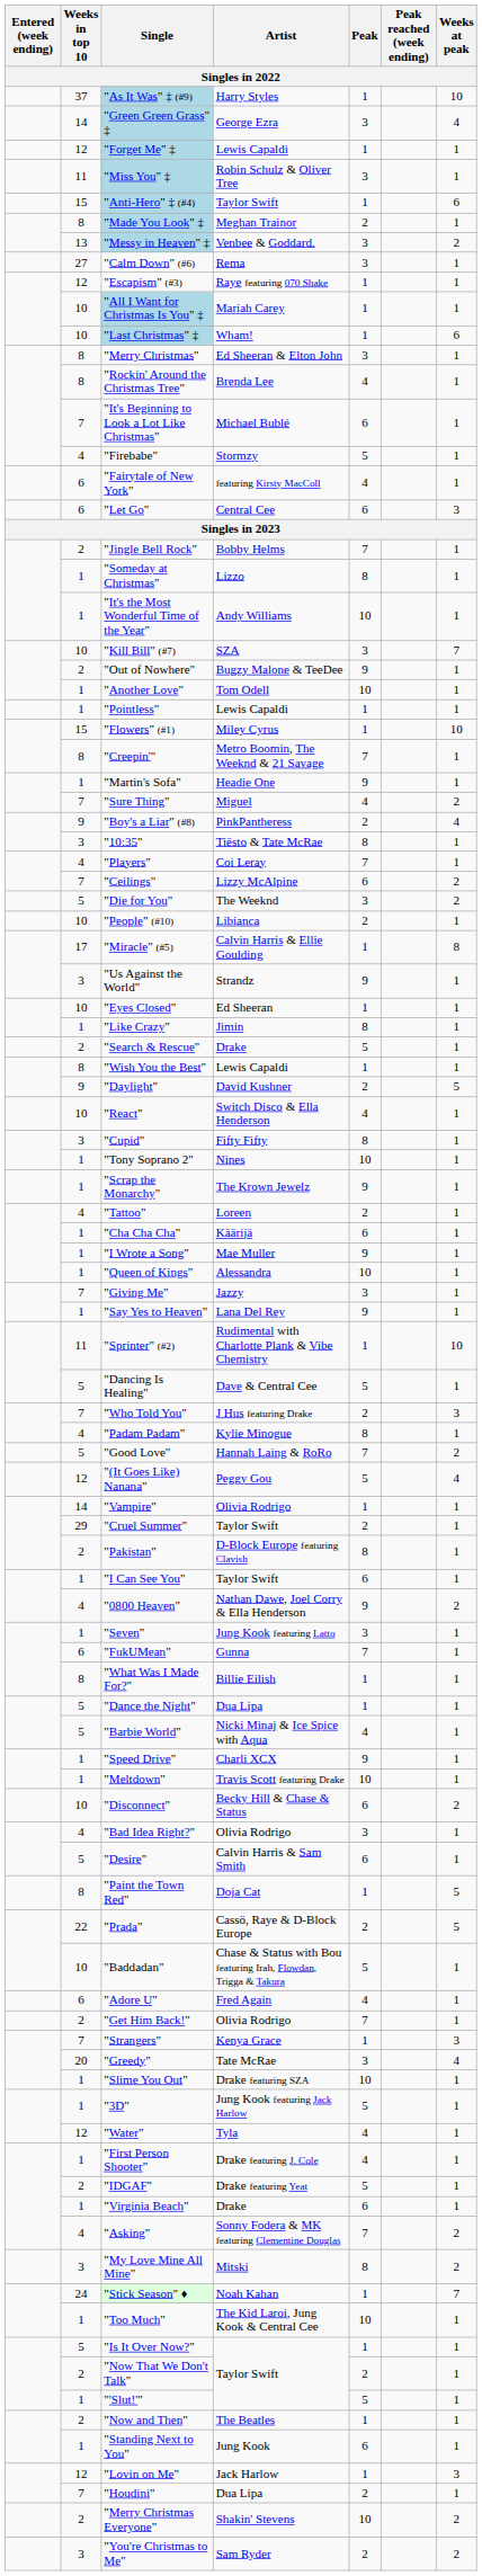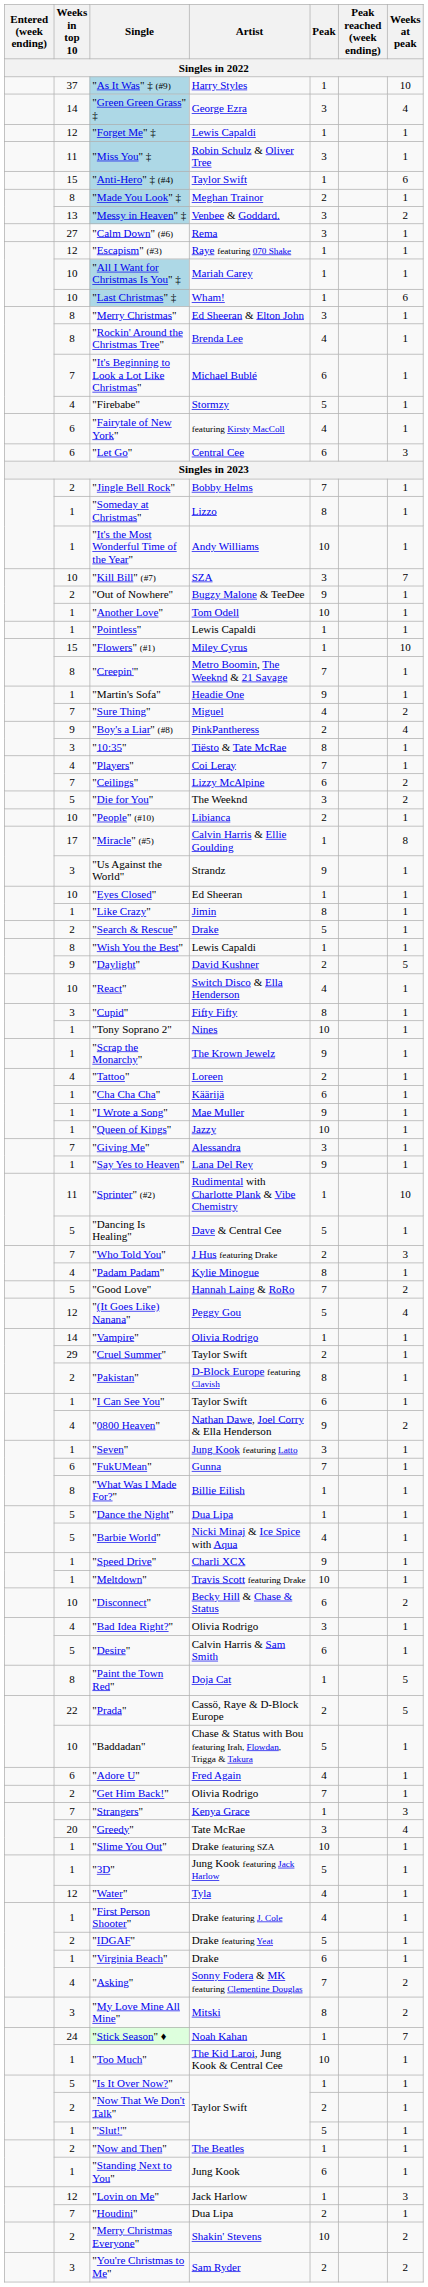 <table class="wikitable sortable" style="text-align:center;">
 <tr>
 <th>Entered <br>(week ending)</th>
 <th data-sort-type="number">Weeks<br>in<br>top<br>10</th>
 <th>Single</th>
 <th>Artist</th>
 <th data-sort-type="number">Peak</th>
 <th>Peak<br>reached <br>(week ending)</th>
 <th data-sort-type="number">Weeks<br>at<br>peak</th>
 </tr>
 <tr>
 <th colspan="9">Singles in 2022</th>
 </tr>
 <tr>
 <td></td>
 <td>37</td>
 <td align="left" bgcolor="lightblue">"<a href='#'>As It Was</a>" ‡ <small>(#9)</small> </td>
 <td align="left"><a href='#'>Harry Styles</a></td>
 <td>1</td>
 <td></td>
 <td>10</td>
 </tr>
 <tr>
 <td></td>
 <td>14</td>
 <td align="left" bgcolor="lightblue">"<a href='#'>Green Green Grass</a>" ‡ </td>
 <td align="left"><a href='#'>George Ezra</a></td>
 <td>3</td>
 <td></td>
 <td>4</td>
 </tr>
 <tr>
 <td></td>
 <td>12</td>
 <td align="left" bgcolor="lightblue">"<a href='#'>Forget Me</a>" ‡ </td>
 <td align="left"><a href='#'>Lewis Capaldi</a></td>
 <td>1</td>
 <td></td>
 <td>1</td>
 </tr>
 <tr>
 <td></td>
 <td>11</td>
 <td align="left" bgcolor="lightblue">"<a href='#'>Miss You</a>" ‡ </td>
 <td align="left"><a href='#'>Robin Schulz</a> & <a href='#'>Oliver Tree</a></td>
 <td>3</td>
 <td></td>
 <td>1</td>
 </tr>
 <tr>
 <td></td>
 <td>15</td>
 <td align="left" bgcolor="lightblue">"<a href='#'>Anti-Hero</a>" ‡ <small>(#4)</small> </td>
 <td align="left"><a href='#'>Taylor Swift</a></td>
 <td>1</td>
 <td></td>
 <td>6</td>
 </tr>
 <tr>
 <td rowspan="2"></td>
 <td>8</td>
 <td align="left" bgcolor="lightblue">"<a href='#'>Made You Look</a>" ‡ </td>
 <td align="left"><a href='#'>Meghan Trainor</a></td>
 <td>2</td>
 <td></td>
 <td>1</td>
 </tr>
 <tr>
 <td>13</td>
 <td align="left" bgcolor="lightblue">"<a href='#'>Messy in Heaven</a>" ‡ </td>
 <td align="left"><a href='#'>Venbee</a> & <a href='#'>Goddard.</a></td>
 <td>3</td>
 <td></td>
 <td>2</td>
 </tr>
 <tr>
 <td></td>
 <td>27</td>
 <td align="left">"<a href='#'>Calm Down</a>" <small>(#6)</small> </td>
 <td align="left"><a href='#'>Rema</a></td>
 <td>3</td>
 <td></td>
 <td>1</td>
 </tr>
 <tr>
 <td rowspan="3"></td>
 <td>12</td>
 <td align="left">"<a href='#'>Escapism</a>" <small>(#3)</small> </td>
 <td align="left"><a href='#'>Raye</a> <small> featuring <a href='#'>070 Shake</a> </small></td>
 <td>1</td>
 <td></td>
 <td>1</td>
 </tr>
 <tr>
 <td>10</td>
 <td align="left" bgcolor="lightblue">"<a href='#'>All I Want for Christmas Is You</a>" ‡ </td>
 <td align="left"><a href='#'>Mariah Carey</a></td>
 <td>1</td>
 <td></td>
 <td>1</td>
 </tr>
 <tr>
 <td>10</td>
 <td align="left" bgcolor="lightblue">"<a href='#'>Last Christmas</a>" ‡ </td>
 <td align="left"><a href='#'>Wham!</a></td>
 <td>1</td>
 <td></td>
 <td>6</td>
 </tr>
 <tr>
 <td rowspan="4"></td>
 <td>8</td>
 <td align="left">"<a href='#'>Merry Christmas</a>" </td>
 <td align="left"><a href='#'>Ed Sheeran</a> & <a href='#'>Elton John</a></td>
 <td>3</td>
 <td></td>
 <td>1</td>
 </tr>
 <tr>
 <td>8</td>
 <td align="left">"<a href='#'>Rockin' Around the Christmas Tree</a>" </td>
 <td align="left"><a href='#'>Brenda Lee</a></td>
 <td>4</td>
 <td></td>
 <td>1</td>
 </tr>
 <tr>
 <td>7</td>
 <td align="left">"<a href='#'>It's Beginning to Look a Lot Like Christmas</a>" </td>
 <td align="left"><a href='#'>Michael Bublé</a></td>
 <td>6</td>
 <td></td>
 <td>1</td>
 </tr>
 <tr>
 <td>4</td>
 <td align="left">"Firebabe"</td>
 <td align="left"><a href='#'>Stormzy</a></td>
 <td>5</td>
 <td></td>
 <td>1</td>
 </tr>
 <tr>
 <td></td>
 <td>6</td>
 <td align="left">"<a href='#'>Fairytale of New York</a>" </td>
 <td align="left"> <small> featuring <a href='#'>Kirsty MacColl</a> </small></td>
 <td>4</td>
 <td></td>
 <td>1</td>
 </tr>
 <tr>
 <td></td>
 <td>6</td>
 <td align="left">"<a href='#'>Let Go</a>" </td>
 <td align="left"><a href='#'>Central Cee</a></td>
 <td>6</td>
 <td></td>
 <td>3</td>
 </tr>
 <tr>
 <th colspan="7">Singles in 2023</th>
 </tr>
 <tr>
 <td rowspan="3"></td>
 <td>2</td>
 <td align="left">"<a href='#'>Jingle Bell Rock</a>" </td>
 <td align="left"><a href='#'>Bobby Helms</a></td>
 <td>7</td>
 <td></td>
 <td>1</td>
 </tr>
 <tr>
 <td>1</td>
 <td align="left">"<a href='#'>Someday at Christmas</a>"</td>
 <td align="left"><a href='#'>Lizzo</a></td>
 <td>8</td>
 <td></td>
 <td>1</td>
 </tr>
 <tr>
 <td>1</td>
 <td align="left">"<a href='#'>It's the Most Wonderful Time of the Year</a>" </td>
 <td align="left"><a href='#'>Andy Williams</a></td>
 <td>10</td>
 <td></td>
 <td>1</td>
 </tr>
 <tr>
 <td rowspan="3"></td>
 <td>10</td>
 <td align="left">"<a href='#'>Kill Bill</a>" <small>(#7)</small></td>
 <td align="left"><a href='#'>SZA</a></td>
 <td>3</td>
 <td></td>
 <td>7</td>
 </tr>
 <tr>
 <td>2</td>
 <td align="left">"Out of Nowhere"</td>
 <td align="left"><a href='#'>Bugzy Malone</a> & TeeDee</td>
 <td>9</td>
 <td></td>
 <td>1</td>
 </tr>
 <tr>
 <td>1</td>
 <td align="left">"<a href='#'>Another Love</a>" </td>
 <td align="left"><a href='#'>Tom Odell</a></td>
 <td>10</td>
 <td></td>
 <td>1</td>
 </tr>
 <tr>
 <td></td>
 <td>1</td>
 <td align="left">"<a href='#'>Pointless</a>"</td>
 <td align="left">Lewis Capaldi</td>
 <td>1</td>
 <td></td>
 <td>1</td>
 </tr>
 <tr>
 <td rowspan="2"></td>
 <td>15</td>
 <td align="left">"<a href='#'>Flowers</a>" <small>(#1)</small></td>
 <td align="left"><a href='#'>Miley Cyrus</a></td>
 <td>1</td>
 <td></td>
 <td>10</td>
 </tr>
 <tr>
 <td>8</td>
 <td align="left">"<a href='#'>Creepin'</a>" </td>
 <td align="left"><a href='#'>Metro Boomin</a>, <a href='#'>The Weeknd</a> & <a href='#'>21 Savage</a></td>
 <td>7</td>
 <td></td>
 <td>1</td>
 </tr>
 <tr>
 <td rowspan="2"></td>
 <td>1</td>
 <td align="left">"Martin's Sofa"</td>
 <td align="left"><a href='#'>Headie One</a></td>
 <td>9</td>
 <td></td>
 <td>1</td>
 </tr>
 <tr>
 <td>7</td>
 <td align="left">"<a href='#'>Sure Thing</a>"</td>
 <td align="left"><a href='#'>Miguel</a></td>
 <td>4</td>
 <td></td>
 <td>2</td>
 </tr>
 <tr>
 <td rowspan="2"></td>
 <td>9</td>
 <td align="left">"<a href='#'>Boy's a Liar</a>" <small>(#8)</small> </td>
 <td align="left"><a href='#'>PinkPantheress</a></td>
 <td>2</td>
 <td></td>
 <td>4</td>
 </tr>
 <tr>
 <td>3</td>
 <td align="left">"<a href='#'>10:35</a>" </td>
 <td align="left"><a href='#'>Tiësto</a> & <a href='#'>Tate McRae</a></td>
 <td>8</td>
 <td></td>
 <td>1</td>
 </tr>
 <tr>
 <td rowspan="2"></td>
 <td>4</td>
 <td align="left">"<a href='#'>Players</a>"</td>
 <td align="left"><a href='#'>Coi Leray</a></td>
 <td>7</td>
 <td></td>
 <td>1</td>
 </tr>
 <tr>
 <td>7</td>
 <td align="left">"<a href='#'>Ceilings</a>"</td>
 <td align="left"><a href='#'>Lizzy McAlpine</a></td>
 <td>6</td>
 <td></td>
 <td>2</td>
 </tr>
 <tr>
 <td></td>
 <td>5</td>
 <td align="left">"<a href='#'>Die for You</a>" </td>
 <td align="left">The Weeknd</td>
 <td>3</td>
 <td></td>
 <td>2</td>
 </tr>
 <tr>
 <td></td>
 <td>10</td>
 <td align="left">"<a href='#'>People</a>" <small>(#10)</small></td>
 <td align="left"><a href='#'>Libianca</a></td>
 <td>2</td>
 <td></td>
 <td>1</td>
 </tr>
 <tr>
 <td rowspan="2"></td>
 <td>17</td>
 <td align="left">"<a href='#'>Miracle</a>" <small>(#5)</small></td>
 <td align="left"><a href='#'>Calvin Harris</a> & <a href='#'>Ellie Goulding</a></td>
 <td>1</td>
 <td></td>
 <td>8</td>
 </tr>
 <tr>
 <td>3</td>
 <td align="left">"Us Against the World" </td>
 <td align="left">Strandz</td>
 <td>9</td>
 <td></td>
 <td>1</td>
 </tr>
 <tr>
 <td rowspan="2"></td>
 <td>10</td>
 <td align="left">"<a href='#'>Eyes Closed</a>"</td>
 <td align="left">Ed Sheeran</td>
 <td>1</td>
 <td></td>
 <td>1</td>
 </tr>
 <tr>
 <td>1</td>
 <td align="left">"<a href='#'>Like Crazy</a>"</td>
 <td align="left"><a href='#'>Jimin</a></td>
 <td>8</td>
 <td></td>
 <td>1</td>
 </tr>
 <tr>
 <td></td>
 <td>2</td>
 <td align="left">"<a href='#'>Search & Rescue</a>"</td>
 <td align="left"><a href='#'>Drake</a></td>
 <td>5</td>
 <td></td>
 <td>1</td>
 </tr>
 <tr>
 <td rowspan="2"></td>
 <td>8</td>
 <td align="left">"<a href='#'>Wish You the Best</a>"</td>
 <td align="left">Lewis Capaldi</td>
 <td>1</td>
 <td></td>
 <td>1</td>
 </tr>
 <tr>
 <td>9</td>
 <td align="left">"<a href='#'>Daylight</a>"</td>
 <td align="left"><a href='#'>David Kushner</a></td>
 <td>2</td>
 <td></td>
 <td>5</td>
 </tr>
 <tr>
 <td></td>
 <td>10</td>
 <td align="left">"<a href='#'>React</a>"</td>
 <td align="left"><a href='#'>Switch Disco</a> & <a href='#'>Ella Henderson</a></td>
 <td>4</td>
 <td></td>
 <td>1</td>
 </tr>
 <tr>
 <td rowspan="2"></td>
 <td>3</td>
 <td align="left">"<a href='#'>Cupid</a>" </td>
 <td align="left"><a href='#'>Fifty Fifty</a></td>
 <td>8</td>
 <td></td>
 <td>1</td>
 </tr>
 <tr>
 <td>1</td>
 <td align="left">"Tony Soprano 2" </td>
 <td align="left"><a href='#'>Nines</a></td>
 <td>10</td>
 <td></td>
 <td>1</td>
 </tr>
 <tr>
 <td></td>
 <td>1</td>
 <td align="left">"<a href='#'>Scrap the Monarchy</a>"</td>
 <td align="left"><a href='#'>The Krown Jewelz</a></td>
 <td>9</td>
 <td></td>
 <td>1</td>
 </tr>
 <tr>
 <td rowspan="4"></td>
 <td>4</td>
 <td align="left">"<a href='#'>Tattoo</a>"</td>
 <td align="left"><a href='#'>Loreen</a></td>
 <td>2</td>
 <td></td>
 <td>1</td>
 </tr>
 <tr>
 <td>1</td>
 <td align="left">"<a href='#'>Cha Cha Cha</a>"</td>
 <td align="left"><a href='#'>Käärijä</a></td>
 <td>6</td>
 <td></td>
 <td>1</td>
 </tr>
 <tr>
 <td>1</td>
 <td align="left">"<a href='#'>I Wrote a Song</a>"</td>
 <td align="left"><a href='#'>Mae Muller</a></td>
 <td>9</td>
 <td></td>
 <td>1</td>
 </tr>
 <tr>
 <td>1</td>
 <td align="left">"<a href='#'>Queen of Kings</a>"</td>
-<td align="left"><a href='#'>Alessandra</a></td>
+<td align="left"><a href='#'>Jazzy</a></td>
 <td>10</td>
 <td></td>
 <td>1</td>
 </tr>
 <tr>
 <td rowspan="2"></td>
 <td>7</td>
 <td align="left">"<a href='#'>Giving Me</a>"</td>
-<td align="left"><a href='#'>Jazzy</a></td>
+<td align="left"><a href='#'>Alessandra</a></td>
 <td>3</td>
 <td></td>
 <td>1</td>
 </tr>
 <tr>
 <td>1</td>
 <td align="left">"<a href='#'>Say Yes to Heaven</a>"</td>
 <td align="left"><a href='#'>Lana Del Rey</a></td>
 <td>9</td>
 <td></td>
 <td>1</td>
 </tr>
 <tr>
 <td rowspan="2"></td>
 <td>11</td>
 <td align="left">"<a href='#'>Sprinter</a>" <small>(#2)</small></td>
 <td align="left"><a href='#'>Rudimental</a> with <a href='#'>Charlotte Plank</a> & <a href='#'>Vibe Chemistry</a></td>
 <td>1</td>
 <td></td>
 <td>10</td>
 </tr>
 <tr>
 <td>5</td>
 <td align="left">"Dancing Is Healing"</td>
 <td align="left"><a href='#'>Dave</a> & Central Cee</td>
 <td>5</td>
 <td></td>
 <td>1</td>
 </tr>
 <tr>
 <td rowspan="2"></td>
 <td>7</td>
 <td align="left">"<a href='#'>Who Told You</a>"</td>
 <td align="left"><a href='#'>J Hus</a> <small> featuring Drake </small></td>
 <td>2</td>
 <td></td>
 <td>3</td>
 </tr>
 <tr>
 <td>4</td>
 <td align="left">"<a href='#'>Padam Padam</a>" </td>
 <td align="left"><a href='#'>Kylie Minogue</a></td>
 <td>8</td>
 <td></td>
 <td>1</td>
 </tr>
 <tr>
 <td></td>
 <td>5</td>
 <td align="left">"Good Love"</td>
 <td align="left"><a href='#'>Hannah Laing</a> & <a href='#'>RoRo</a></td>
 <td>7</td>
 <td></td>
 <td>2</td>
 </tr>
 <tr>
 <td></td>
 <td>12</td>
 <td align="left">"<a href='#'>(It Goes Like) Nanana</a>"</td>
 <td align="left"><a href='#'>Peggy Gou</a></td>
 <td>5</td>
 <td></td>
 <td>4</td>
 </tr>
 <tr>
 <td rowspan="3"></td>
 <td>14</td>
 <td align="left">"<a href='#'>Vampire</a>"</td>
 <td align="left"><a href='#'>Olivia Rodrigo</a></td>
 <td>1</td>
 <td></td>
 <td>1</td>
 </tr>
 <tr>
 <td>29</td>
 <td align="left">"<a href='#'>Cruel Summer</a>" </td>
 <td align="left">Taylor Swift</td>
 <td>2</td>
 <td></td>
 <td>1</td>
 </tr>
 <tr>
 <td>2</td>
 <td align="left">"<a href='#'>Pakistan</a>"</td>
 <td align="left"><a href='#'>D-Block Europe</a> <small>featuring <a href='#'>Clavish</a></small></td>
 <td>8</td>
 <td></td>
 <td>1</td>
 </tr>
 <tr>
 <td rowspan="2"></td>
 <td>1</td>
 <td align="left">"<a href='#'>I Can See You</a>"</td>
 <td align="left">Taylor Swift</td>
 <td>6</td>
 <td></td>
 <td>1</td>
 </tr>
 <tr>
 <td>4</td>
 <td align="left">"<a href='#'>0800 Heaven</a>" </td>
 <td align="left"><a href='#'>Nathan Dawe</a>, <a href='#'>Joel Corry</a> & Ella Henderson</td>
 <td>9</td>
 <td></td>
 <td>2</td>
 </tr>
 <tr>
 <td rowspan="3"></td>
 <td>1</td>
 <td align="left">"<a href='#'>Seven</a>"</td>
 <td align="left"><a href='#'>Jung Kook</a> <small> featuring <a href='#'>Latto</a> </small></td>
 <td>3</td>
 <td></td>
 <td>1</td>
 </tr>
 <tr>
 <td>6</td>
 <td align="left">"<a href='#'>FukUMean</a>" </td>
 <td align="left"><a href='#'>Gunna</a></td>
 <td>7</td>
 <td></td>
 <td>1</td>
 </tr>
 <tr>
 <td>8</td>
 <td align="left">"<a href='#'>What Was I Made For?</a>"</td>
 <td align="left"><a href='#'>Billie Eilish</a></td>
 <td>1</td>
 <td></td>
 <td>1</td>
 </tr>
 <tr>
 <td rowspan="2"></td>
 <td>5</td>
 <td align="left">"<a href='#'>Dance the Night</a>"</td>
 <td align="left"><a href='#'>Dua Lipa</a></td>
 <td>1</td>
 <td></td>
 <td>1</td>
 </tr>
 <tr>
 <td>5</td>
 <td align="left">"<a href='#'>Barbie World</a>"</td>
 <td align="left"><a href='#'>Nicki Minaj</a> & <a href='#'>Ice Spice</a> with <a href='#'>Aqua</a></td>
 <td>4</td>
 <td></td>
 <td>1</td>
 </tr>
 <tr>
 <td rowspan="2"></td>
 <td>1</td>
 <td align="left">"<a href='#'>Speed Drive</a>"</td>
 <td align="left"><a href='#'>Charli XCX</a></td>
 <td>9</td>
 <td></td>
 <td>1</td>
 </tr>
 <tr>
 <td>1</td>
 <td align="left">"<a href='#'>Meltdown</a>"</td>
 <td align="left"><a href='#'>Travis Scott</a> <small> featuring Drake </small></td>
 <td>10</td>
 <td></td>
 <td>1</td>
 </tr>
 <tr>
 <td></td>
 <td>10</td>
 <td align="left">"<a href='#'>Disconnect</a>" </td>
 <td align="left"><a href='#'>Becky Hill</a> & <a href='#'>Chase & Status</a></td>
 <td>6</td>
 <td></td>
 <td>2</td>
 </tr>
 <tr>
 <td rowspan="2"></td>
 <td>4</td>
 <td align="left">"<a href='#'>Bad Idea Right?</a>" </td>
 <td align="left">Olivia Rodrigo</td>
 <td>3</td>
 <td></td>
 <td>1</td>
 </tr>
 <tr>
 <td>5</td>
 <td align="left">"<a href='#'>Desire</a>"</td>
 <td align="left">Calvin Harris & <a href='#'>Sam Smith</a></td>
 <td>6</td>
 <td></td>
 <td>1</td>
 </tr>
 <tr>
 <td></td>
 <td>8</td>
 <td align="left">"<a href='#'>Paint the Town Red</a>" </td>
 <td align="left"><a href='#'>Doja Cat</a></td>
 <td>1</td>
 <td></td>
 <td>5</td>
 </tr>
 <tr>
 <td rowspan="2"></td>
 <td>22</td>
 <td align="left">"<a href='#'>Prada</a>" </td>
 <td align="left">Cassö, Raye & D-Block Europe</td>
 <td>2</td>
 <td></td>
 <td>5</td>
 </tr>
 <tr>
 <td>10</td>
 <td align="left">"Baddadan" </td>
 <td align="left">Chase & Status with Bou <small> featuring Irah, <a href='#'>Flowdan</a>, Trigga & <a href='#'>Takura</a></small></td>
 <td>5</td>
 <td></td>
 <td>1</td>
 </tr>
 <tr>
 <td></td>
 <td>6</td>
 <td align="left">"<a href='#'>Adore U</a>"</td>
 <td align="left"><a href='#'>Fred Again</a></td>
 <td>4</td>
 <td></td>
 <td>1</td>
 </tr>
 <tr>
 <td></td>
 <td>2</td>
 <td align="left">"<a href='#'>Get Him Back!</a>"</td>
 <td align="left">Olivia Rodrigo</td>
 <td>7</td>
 <td></td>
 <td>1</td>
 </tr>
 <tr>
 <td rowspan="3"></td>
 <td>7</td>
 <td align="left">"<a href='#'>Strangers</a>"</td>
 <td align="left"><a href='#'>Kenya Grace</a></td>
 <td>1</td>
 <td></td>
 <td>3</td>
 </tr>
 <tr>
 <td>20</td>
 <td align="left">"<a href='#'>Greedy</a>" </td>
 <td align="left">Tate McRae</td>
 <td>3</td>
 <td></td>
 <td>4</td>
 </tr>
 <tr>
 <td>1</td>
 <td align="left">"<a href='#'>Slime You Out</a>"</td>
 <td align="left">Drake <small> featuring SZA </small></td>
 <td>10</td>
 <td></td>
 <td>1</td>
 </tr>
 <tr>
 <td rowspan="2"></td>
 <td>1</td>
 <td align="left">"<a href='#'>3D</a>"</td>
 <td align="left">Jung Kook <small> featuring <a href='#'>Jack Harlow</a> </small></td>
 <td>5</td>
 <td></td>
 <td>1</td>
 </tr>
 <tr>
 <td>12</td>
 <td align="left">"<a href='#'>Water</a>" </td>
 <td align="left"><a href='#'>Tyla</a></td>
 <td>4</td>
 <td></td>
 <td>1</td>
 </tr>
 <tr>
 <td rowspan="4"></td>
 <td>1</td>
 <td align="left">"<a href='#'>First Person Shooter</a>"</td>
 <td align="left">Drake <small> featuring <a href='#'>J. Cole</a> </small></td>
 <td>4</td>
 <td></td>
 <td>1</td>
 </tr>
 <tr>
 <td>2</td>
 <td align="left">"<a href='#'>IDGAF</a>"</td>
 <td align="left">Drake <small> featuring <a href='#'>Yeat</a> </small></td>
 <td>5</td>
 <td></td>
 <td>1</td>
 </tr>
 <tr>
 <td>1</td>
 <td align="left">"<a href='#'>Virginia Beach</a>"</td>
 <td align="left">Drake</td>
 <td>6</td>
 <td></td>
 <td>1</td>
 </tr>
 <tr>
 <td>4</td>
 <td align="left">"<a href='#'>Asking</a>"</td>
 <td align="left"><a href='#'>Sonny Fodera</a> & <a href='#'>MK</a> <small> featuring <a href='#'>Clementine Douglas</a> </small></td>
 <td>7</td>
 <td></td>
 <td>2</td>
 </tr>
 <tr>
 <td></td>
 <td>3</td>
 <td align="left">"<a href='#'>My Love Mine All Mine</a>" </td>
 <td align="left"><a href='#'>Mitski</a></td>
 <td>8</td>
 <td></td>
 <td>2</td>
 </tr>
 <tr>
 <td rowspan="2"></td>
 <td>24</td>
 <td align="left" bgcolor="#ddffdd">"<a href='#'>Stick Season</a>" ♦ </td>
 <td align="left"><a href='#'>Noah Kahan</a></td>
 <td>1</td>
 <td></td>
 <td>7</td>
 </tr>
 <tr>
 <td>1</td>
 <td align="left">"<a href='#'>Too Much</a>"</td>
 <td align="left"><a href='#'>The Kid Laroi</a>, Jung Kook & Central Cee</td>
 <td>10</td>
 <td></td>
 <td>1</td>
 </tr>
 <tr>
 <td rowspan="3"></td>
 <td>5</td>
 <td align="left">"<a href='#'>Is It Over Now?</a>"</td>
 <td align="left" rowspan="3">Taylor Swift</td>
 <td>1</td>
 <td></td>
 <td>1</td>
 </tr>
 <tr>
 <td>2</td>
 <td align="left">"<a href='#'>Now That We Don't Talk</a>"</td>
 <td>2</td>
 <td></td>
 <td>1</td>
 </tr>
 <tr>
 <td>1</td>
 <td align="left">"<a href='#'>'Slut!'</a>"</td>
 <td>5</td>
 <td></td>
 <td>1</td>
 </tr>
 <tr>
 <td rowspan="2"></td>
 <td>2</td>
 <td align="left">"<a href='#'>Now and Then</a>"</td>
 <td align="left"><a href='#'>The Beatles</a></td>
 <td>1</td>
 <td></td>
 <td>1</td>
 </tr>
 <tr>
 <td>1</td>
 <td align="left">"<a href='#'>Standing Next to You</a>"</td>
 <td align="left">Jung Kook</td>
 <td>6</td>
 <td></td>
 <td>1</td>
 </tr>
 <tr>
 <td rowspan="2"></td>
 <td>12</td>
 <td align="left">"<a href='#'>Lovin on Me</a>" </td>
 <td align="left">Jack Harlow</td>
 <td>1</td>
 <td></td>
 <td>3</td>
 </tr>
 <tr>
 <td>7</td>
 <td align="left">"<a href='#'>Houdini</a>" </td>
 <td align="left">Dua Lipa</td>
 <td>2</td>
 <td></td>
 <td>1</td>
 </tr>
 <tr>
 <td></td>
 <td>2</td>
 <td align="left">"<a href='#'>Merry Christmas Everyone</a>" </td>
 <td align="left"><a href='#'>Shakin' Stevens</a></td>
 <td>10</td>
 <td></td>
 <td>2</td>
 </tr>
 <tr>
 <td></td>
 <td>3</td>
 <td align="left">"<a href='#'>You're Christmas to Me</a>"</td>
 <td align="left"><a href='#'>Sam Ryder</a></td>
 <td>2</td>
 <td></td>
 <td>2</td>
 </tr>
 </table>
